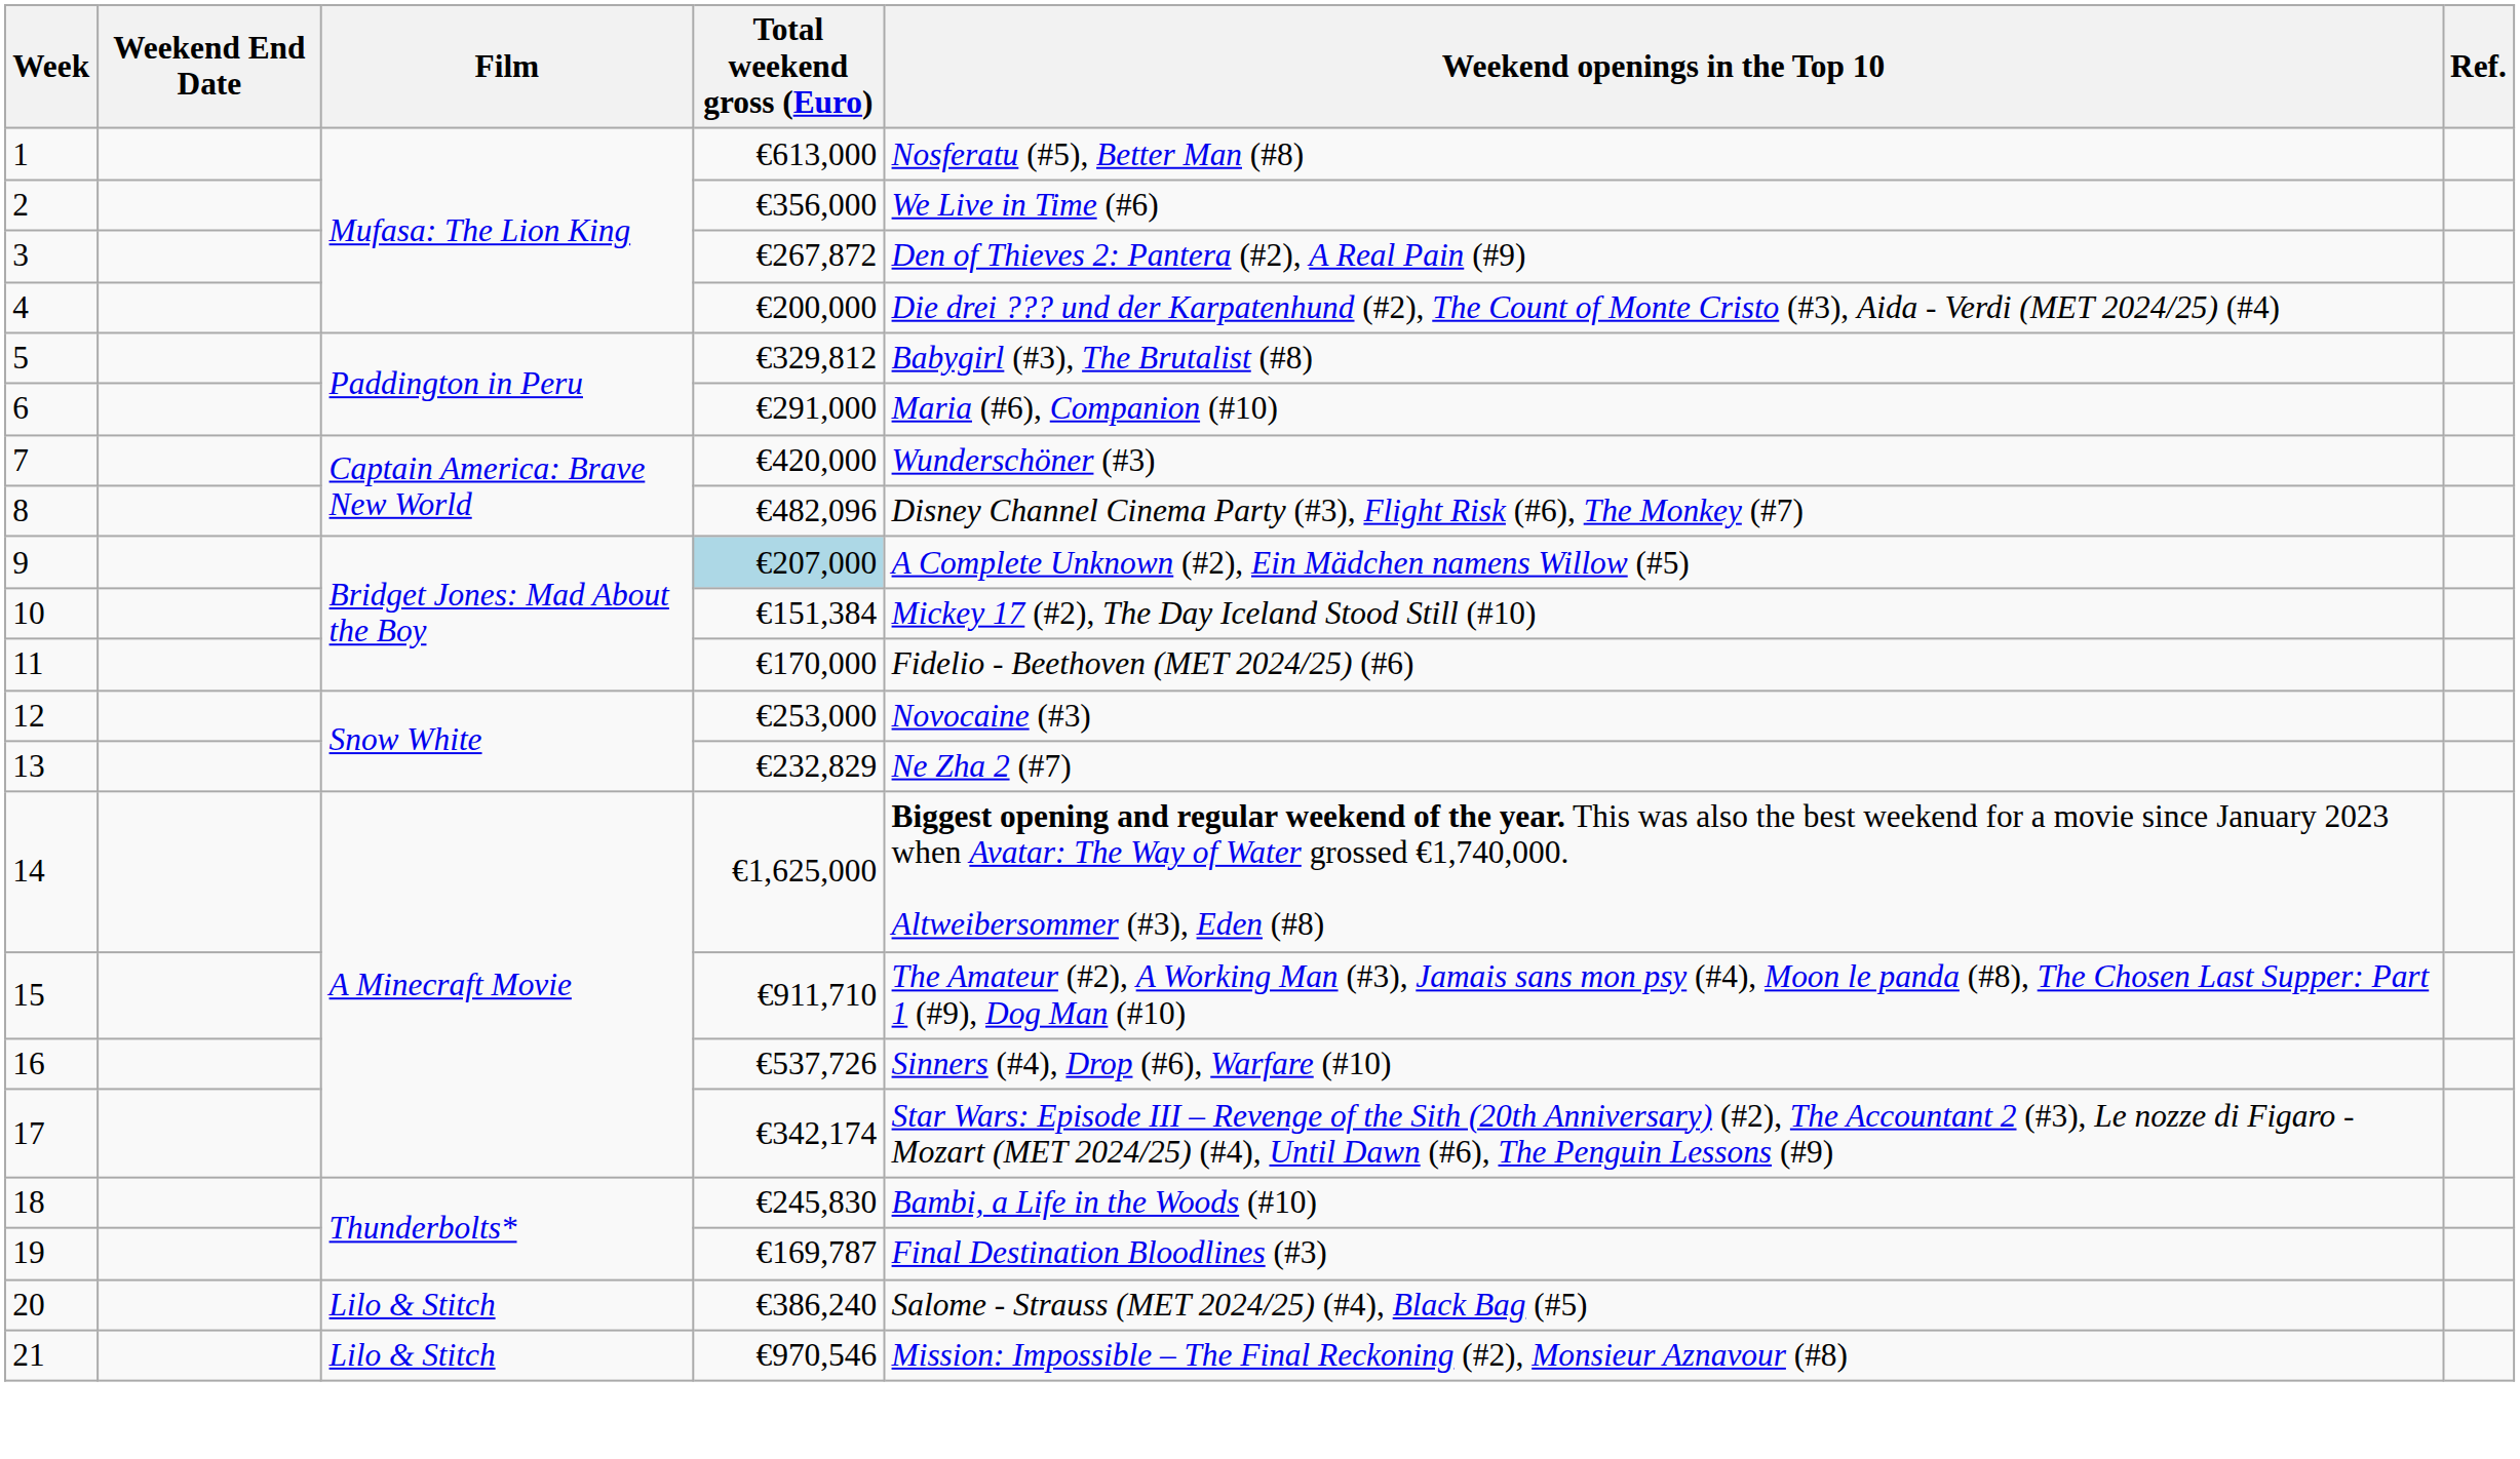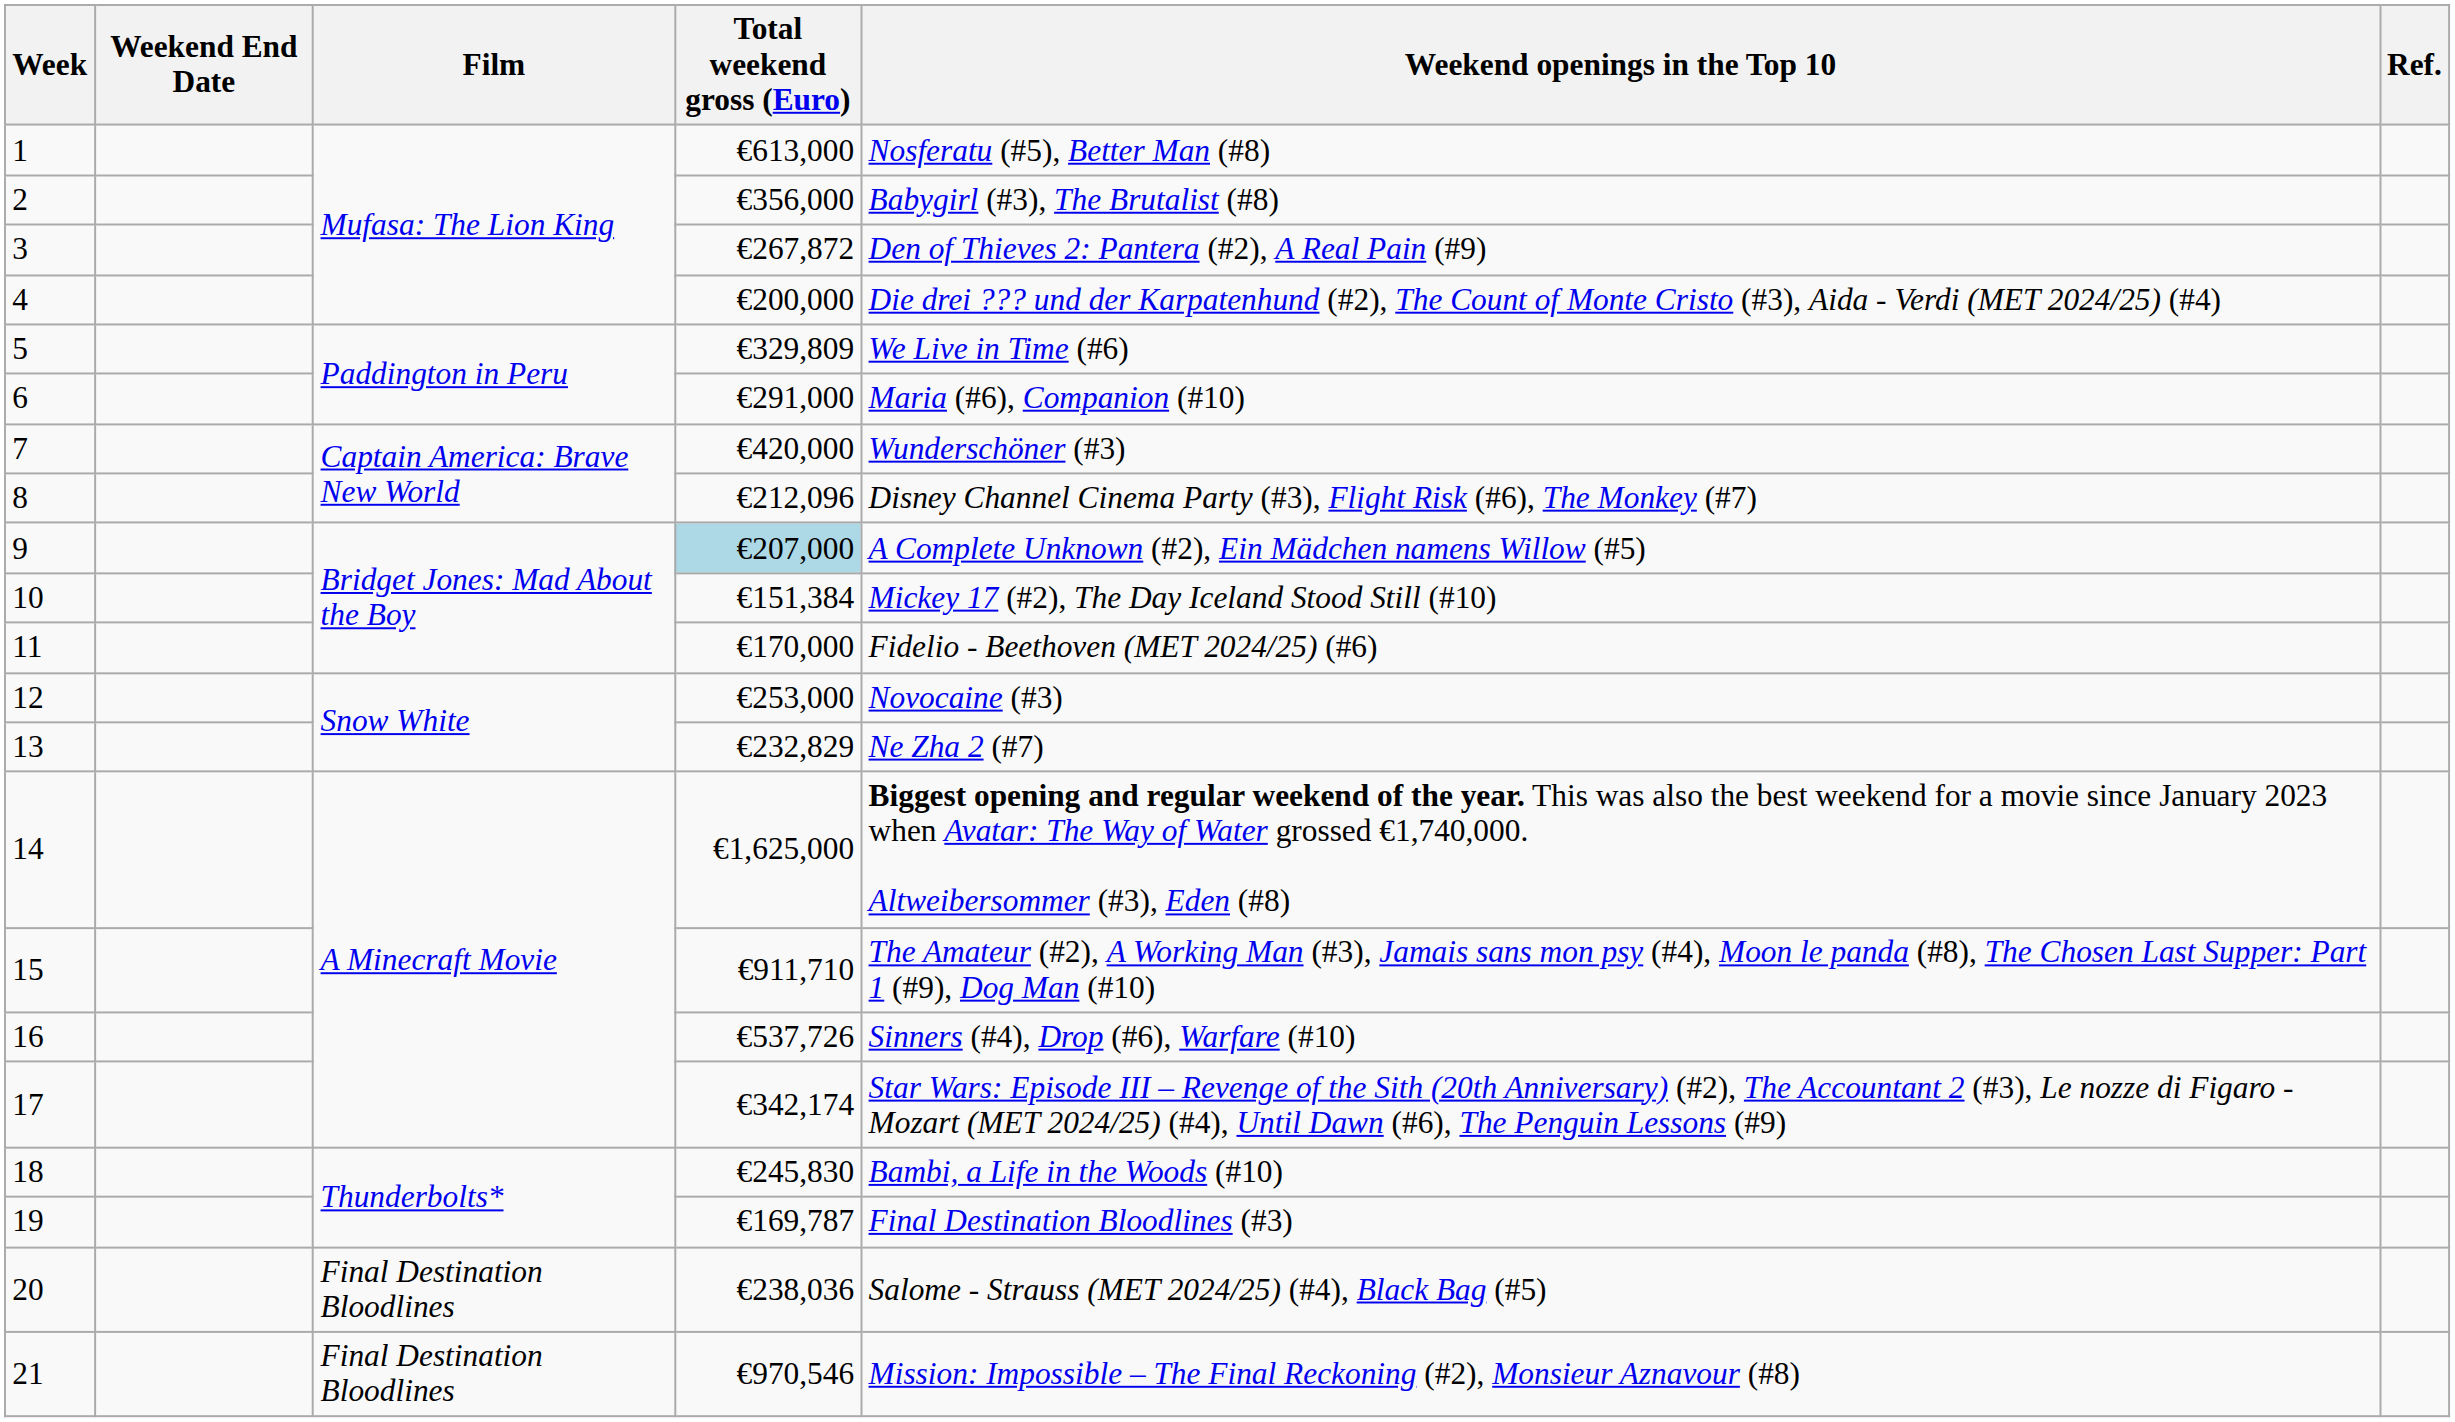 <table class="wikitable sortable">
 <tr>
 <th>Week</th>
 <th>Weekend End Date</th>
 <th>Film</th>
 <th>Total weekend<br>gross (<a href='#'>Euro</a>)</th>
 <th>Weekend openings in the Top 10</th>
 <th>Ref.</th>
 </tr>
 <tr>
 <td>1</td>
 <td></td>
 <td rowspan="4"><em><a href='#'>Mufasa: The Lion King</a></em></td>
 <td style="text-align:right">€613,000</td>
 <td><em><a href='#'>Nosferatu</a></em> (#5), <em><a href='#'>Better Man</a></em> (#8)</td>
 <td></td>
 </tr>
 <tr>
 <td>2</td>
 <td></td>
 <td style="text-align:right">€356,000</td>
-<td><em><a href='#'>We Live in Time</a></em> (#6)</td>
+<td><em><a href='#'>Babygirl</a></em> (#3), <em><a href='#'>The Brutalist</a></em> (#8)</td>
 <td></td>
 </tr>
 <tr>
 <td>3</td>
 <td></td>
 <td style="text-align:right">€267,872</td>
 <td><em><a href='#'>Den of Thieves 2: Pantera</a></em> (#2), <em><a href='#'>A Real Pain</a></em> (#9)</td>
 <td></td>
 </tr>
 <tr>
 <td>4</td>
 <td></td>
 <td style="text-align:right">€200,000</td>
 <td><em><a href='#'>Die drei ??? und der Karpatenhund</a></em> (#2), <em><a href='#'>The Count of Monte Cristo</a></em> (#3), <em>Aida - Verdi (MET 2024/25)</em> (#4)</td>
 <td></td>
 </tr>
 <tr>
 <td>5</td>
 <td></td>
 <td rowspan="2"><em><a href='#'>Paddington in Peru</a></em></td>
-<td style="text-align:right">€329,812</td>
-<td><em><a href='#'>Babygirl</a></em> (#3), <em><a href='#'>The Brutalist</a></em> (#8)</td>
+<td style="text-align:right">€329,809</td>
+<td><em><a href='#'>We Live in Time</a></em> (#6)</td>
 <td></td>
 </tr>
 <tr>
 <td>6</td>
 <td></td>
 <td style="text-align:right">€291,000</td>
 <td><em><a href='#'>Maria</a></em> (#6), <em><a href='#'>Companion</a></em> (#10)</td>
 <td></td>
 </tr>
 <tr>
 <td>7</td>
 <td></td>
 <td rowspan="2"><em><a href='#'>Captain America: Brave New World</a></em></td>
 <td style="text-align:right">€420,000</td>
 <td><em><a href='#'>Wunderschöner</a></em> (#3)</td>
 <td></td>
 </tr>
 <tr>
 <td>8</td>
 <td></td>
-<td style="text-align:right">€482,096</td>
+<td style="text-align:right">€212,096</td>
 <td><em>Disney Channel Cinema Party</em> (#3), <em><a href='#'>Flight Risk</a></em> (#6), <em><a href='#'>The Monkey</a></em> (#7)</td>
 <td></td>
 </tr>
 <tr>
 <td>9</td>
 <td></td>
 <td rowspan="3"><em><a href='#'>Bridget Jones: Mad About the Boy</a></em></td>
 <td style="background: lightblue; text-align:right">€207,000</td>
 <td><em><a href='#'>A Complete Unknown</a></em> (#2), <em><a href='#'>Ein Mädchen namens Willow</a></em> (#5)</td>
 <td></td>
 </tr>
 <tr>
 <td>10</td>
 <td></td>
 <td style="text-align:right">€151,384</td>
 <td><em><a href='#'>Mickey 17</a></em> (#2), <em>The Day Iceland Stood Still</em> (#10)</td>
 <td></td>
 </tr>
 <tr>
 <td>11</td>
 <td></td>
 <td style="text-align:right">€170,000</td>
 <td><em>Fidelio - Beethoven (MET 2024/25)</em> (#6)</td>
 <td></td>
 </tr>
 <tr>
 <td>12</td>
 <td></td>
 <td rowspan="2"><em><a href='#'>Snow White</a></em></td>
 <td style="text-align:right">€253,000</td>
 <td><em><a href='#'>Novocaine</a></em> (#3)</td>
 <td></td>
 </tr>
 <tr>
 <td>13</td>
 <td></td>
 <td style="text-align:right">€232,829</td>
 <td><em><a href='#'>Ne Zha 2</a></em> (#7)</td>
 <td></td>
 </tr>
 <tr>
 <td>14</td>
 <td></td>
 <td rowspan="4"><em><a href='#'>A Minecraft Movie</a></em></td>
 <td style="text-align:right">€1,625,000</td>
 <td><strong>Biggest opening and regular weekend of the year.</strong> This was also the best weekend for a movie since January  2023 when <em><a href='#'>Avatar: The Way of Water</a></em> grossed €1,740,000.<br><br><em><a href='#'>Altweibersommer</a></em> (#3), <em><a href='#'>Eden</a></em> (#8)</td>
 <td></td>
 </tr>
 <tr>
 <td>15</td>
 <td></td>
 <td style="text-align:right">€911,710</td>
 <td><em><a href='#'>The Amateur</a></em> (#2), <em><a href='#'>A Working Man</a></em> (#3), <em><a href='#'>Jamais sans mon psy</a></em> (#4), <em><a href='#'>Moon le panda</a></em> (#8), <em><a href='#'>The Chosen Last Supper: Part 1</a></em> (#9), <em><a href='#'>Dog Man</a></em> (#10)</td>
 <td></td>
 </tr>
 <tr>
 <td>16</td>
 <td></td>
 <td style="text-align:right">€537,726</td>
 <td><em><a href='#'>Sinners</a></em> (#4), <em><a href='#'>Drop</a></em> (#6), <em><a href='#'>Warfare</a></em> (#10)</td>
 <td></td>
 </tr>
 <tr>
 <td>17</td>
 <td></td>
 <td style="text-align:right">€342,174</td>
 <td><em><a href='#'>Star Wars: Episode III – Revenge of the Sith (20th Anniversary)</a></em> (#2), <em><a href='#'>The Accountant 2</a></em> (#3), <em>Le nozze di Figaro - Mozart (MET 2024/25)</em> (#4), <em><a href='#'>Until Dawn</a></em> (#6), <em><a href='#'>The Penguin Lessons</a></em> (#9)</td>
 <td></td>
 </tr>
 <tr>
 <td>18</td>
 <td></td>
 <td rowspan="2"><em><a href='#'>Thunderbolts*</a></em></td>
 <td style="text-align:right">€245,830</td>
 <td><em><a href='#'>Bambi, a Life in the Woods</a></em> (#10)</td>
 <td></td>
 </tr>
 <tr>
 <td>19</td>
 <td></td>
 <td style="text-align:right">€169,787</td>
 <td><em><a href='#'>Final Destination Bloodlines</a></em> (#3)</td>
 <td></td>
 </tr>
 <tr>
 <td>20</td>
 <td></td>
-<td rowspan="1"><em><a href='#'>Lilo & Stitch</a></em></td>
-<td style="text-align:right">€386,240</td>
+<td rowspan="1"><em>Final Destination Bloodlines</em></td>
+<td style="text-align:right">€238,036</td>
 <td><em>Salome - Strauss (MET 2024/25)</em> (#4), <em><a href='#'>Black Bag</a></em> (#5)</td>
 <td></td>
 </tr>
 <tr>
 <td>21</td>
 <td></td>
-<td rowspan="1"><em><a href='#'>Lilo & Stitch</a></em></td>
+<td rowspan="1"><em>Final Destination Bloodlines</em></td>
 <td style="text-align:right">€970,546</td>
 <td><em><a href='#'>Mission: Impossible – The Final Reckoning</a></em> (#2), <em><a href='#'>Monsieur Aznavour</a></em> (#8)</td>
 <td></td>
 </tr>
 </table>
